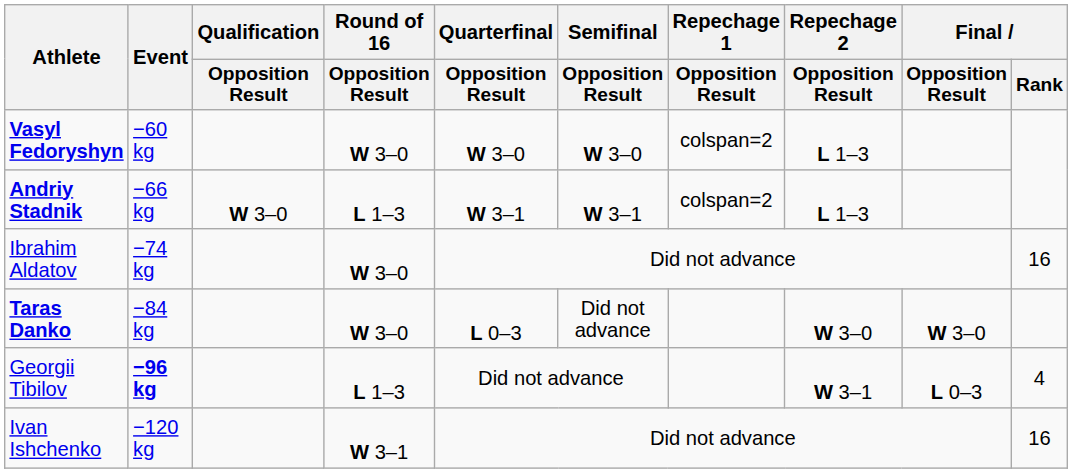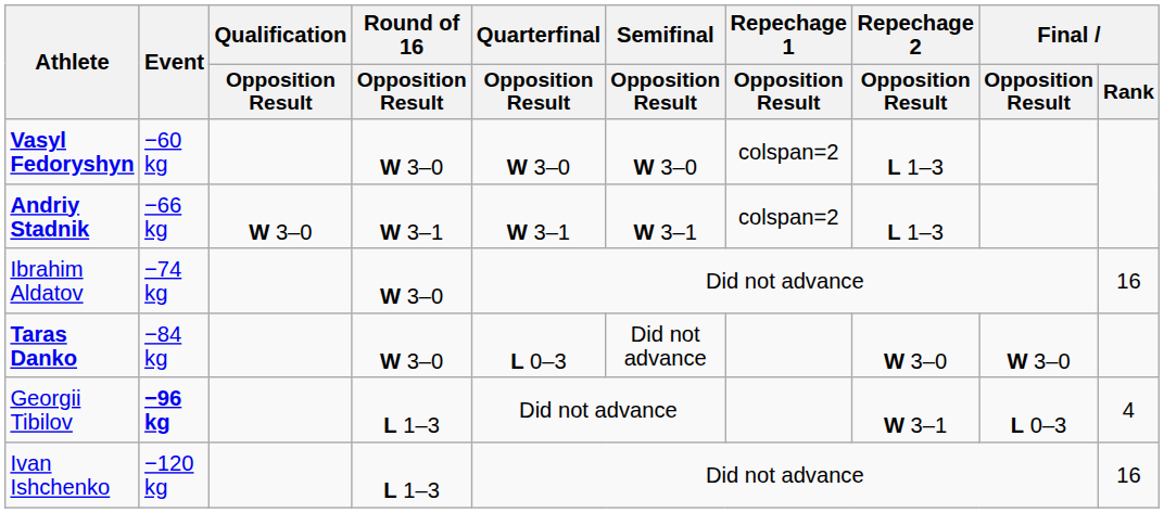 <table class="wikitable" style="font-size:90%">
 <tr>
 <th rowspan="2">Athlete</th>
 <th rowspan="2">Event</th>
 <th>Qualification</th>
 <th>Round of 16</th>
 <th>Quarterfinal</th>
 <th>Semifinal</th>
 <th>Repechage 1</th>
 <th>Repechage 2</th>
 <th colspan=2>Final / </th>
 </tr>
 <tr style="font-size: 95%">
 <th>Opposition<br>Result</th>
 <th>Opposition<br>Result</th>
 <th>Opposition<br>Result</th>
 <th>Opposition<br>Result</th>
 <th>Opposition<br>Result</th>
 <th>Opposition<br>Result</th>
 <th>Opposition<br>Result</th>
 <th>Rank</th>
 </tr>
 <tr align=center>
 <td align=left><strong><a href='#'>Vasyl Fedoryshyn</a></strong></td>
 <td align=left><a href='#'>−60 kg</a></td>
 <td></td>
 <td><br><strong>W</strong> 3–0 <sup></sup></td>
 <td><br><strong>W</strong> 3–0 <sup></sup></td>
 <td><br><strong>W</strong> 3–0 <sup></sup></td>
 <td>colspan=2 </td>
 <td><br><strong>L</strong> 1–3 <sup></sup></td>
 <td></td>
 </tr>
 <tr align=center>
 <td align=left><strong><a href='#'>Andriy Stadnik</a></strong></td>
 <td align=left><a href='#'>−66 kg</a></td>
 <td><br><strong>W</strong> 3–0 <sup></sup></td>
-<td><br><strong>L</strong> 1–3 <sup></sup></td>
+<td><br><strong>W</strong> 3–1 <sup></sup></td>
 <td><br><strong>W</strong> 3–1 <sup></sup></td>
 <td><br><strong>W</strong> 3–1 <sup></sup></td>
 <td>colspan=2 </td>
 <td align=center><br><strong>L</strong> 1–3 <sup></sup></td>
 <td></td>
 </tr>
 <tr align=center>
 <td align=left><a href='#'>Ibrahim Aldatov</a></td>
 <td align=left><a href='#'>−74 kg</a></td>
 <td></td>
 <td><br><strong>W</strong> 3–0 <sup></sup></td>
 <td colspan=5>Did not advance</td>
 <td>16</td>
 </tr>
 <tr align=center>
 <td align=left><strong><a href='#'>Taras Danko</a></strong></td>
 <td align=left><a href='#'>−84 kg</a></td>
 <td></td>
 <td><br><strong>W</strong> 3–0 <sup></sup></td>
 <td><br><strong>L</strong> 0–3 <sup></sup></td>
 <td>Did not advance</td>
 <td></td>
 <td><br><strong>W</strong> 3–0 <sup></sup></td>
 <td><br><strong>W</strong> 3–0 <sup></sup></td>
 <td></td>
 </tr>
 <tr align=center>
 <td align=left><a href='#'>Georgii Tibilov</a></td>
 <td align=left><strong><a href='#'>−96 kg</a></strong></td>
 <td></td>
 <td align=center><br><strong>L</strong> 1–3 <sup></sup></td>
 <td colspan=2>Did not advance</td>
 <td></td>
 <td><br><strong>W</strong> 3–1 <sup></sup></td>
 <td><br><strong>L</strong> 0–3 <sup></sup></td>
 <td>4</td>
 </tr>
 <tr align=center>
 <td align=left><a href='#'>Ivan Ishchenko</a></td>
 <td align=left><a href='#'>−120 kg</a></td>
 <td></td>
-<td><br><strong>W</strong> 3–1 <sup></sup></td>
+<td><br><strong>L</strong> 1–3 <sup></sup></td>
 <td colspan=5>Did not advance</td>
 <td>16</td>
 </tr>
 </table>
